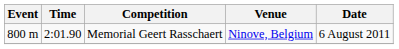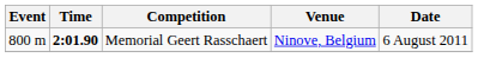 <table class="wikitable" style=text-align:center>
 <tr>
 <th>Event</th>
 <th>Time</th>
 <th>Competition</th>
 <th>Venue</th>
 <th>Date</th>
 </tr>
 <tr>
 <td>800 m</td>
-<td>2:01.90</td>
+<td><strong>2:01.90</strong></td>
 <td>Memorial Geert Rasschaert</td>
 <td><a href='#'>Ninove, Belgium</a></td>
 <td>6 August 2011</td>
 </tr>
 <tr>
 </tr>
 </table>
